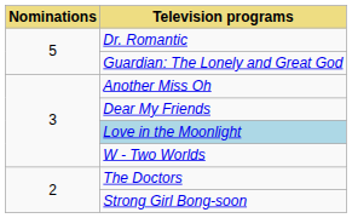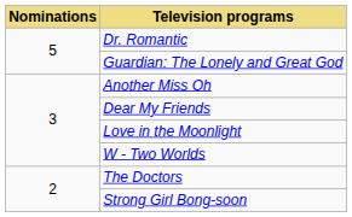 <table class="wikitable">
 <tr>
 <th style="background:#EEDD82; text-align:center">Nominations</th>
 <th style="background:#EEDD82; text-align:center">Television programs</th>
 </tr>
 <tr>
 <td rowspan="2" style="text-align:center">5</td>
 <td><em><a href='#'>Dr. Romantic</a></em></td>
 </tr>
 <tr>
 <td><em><a href='#'>Guardian: The Lonely and Great God</a></em></td>
 </tr>
 <tr>
 <td rowspan="4" style="text-align:center">3</td>
 <td><em><a href='#'>Another Miss Oh</a></em></td>
 </tr>
 <tr>
 <td><em><a href='#'>Dear My Friends</a></em></td>
 </tr>
 <tr>
-<td style="background: lightblue;"><em><a href='#'>Love in the Moonlight</a></em></td>
+<td><em><a href='#'>Love in the Moonlight</a></em></td>
 </tr>
 <tr>
 <td><em><a href='#'>W - Two Worlds</a></em></td>
 </tr>
 <tr>
 <td rowspan="2" style="text-align:center">2</td>
 <td><em><a href='#'>The Doctors</a></em></td>
 </tr>
 <tr>
 <td><em><a href='#'>Strong Girl Bong-soon</a></em></td>
 </tr>
 </table>
